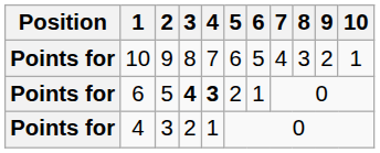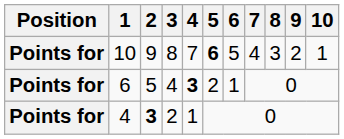 <table class="wikitable floatleft" style="text-align: center">
 <tr>
 <th scope="col">Position</th>
 <th scope="col">1</th>
 <th scope="col">2</th>
 <th scope="col">3</th>
 <th scope="col">4</th>
 <th scope="col">5</th>
 <th scope="col">6</th>
 <th scope="col">7</th>
 <th scope="col">8</th>
 <th scope="col">9</th>
 <th scope="col">10</th>
 </tr>
 <tr>
 <th scope="row">Points for </th>
 <td>10</td>
 <td>9</td>
 <td>8</td>
 <td>7</td>
-<td>6</td>
+<td><strong>6</strong></td>
 <td>5</td>
 <td>4</td>
 <td>3</td>
 <td>2</td>
 <td>1</td>
 </tr>
 <tr>
 <th scope="row">Points for </th>
 <td>6</td>
 <td>5</td>
-<td><strong>4</strong></td>
+<td>4</td>
 <td><strong>3</strong></td>
 <td>2</td>
 <td>1</td>
 <td colspan=4>0</td>
 </tr>
 <tr>
 <th scope="row">Points for </th>
 <td>4</td>
-<td>3</td>
+<td><strong>3</strong></td>
 <td>2</td>
 <td>1</td>
 <td colspan=6>0</td>
 </tr>
 </table>
